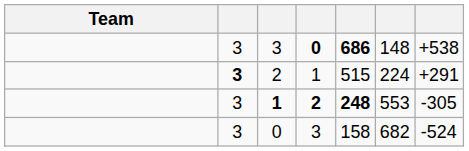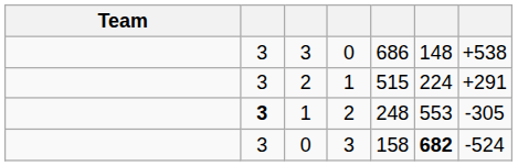 <table class="wikitable" style="text-align: center; font-size: 90%;">
 <tr>
 <th width=165>Team</th>
 <th width=25></th>
 <th width=25></th>
 <th width=25></th>
 <th width=25></th>
 <th width=25></th>
 <th width=25></th>
 </tr>
 <tr>
 <td style="text-align:left;"></td>
 <td>3</td>
 <td>3</td>
-<td><strong>0</strong></td>
-<td><strong>686</strong></td>
+<td>0</td>
+<td>686</td>
 <td>148</td>
 <td>+538</td>
 </tr>
 <tr>
 <td style="text-align:left;"></td>
-<td><strong>3</strong></td>
+<td>3</td>
 <td>2</td>
 <td>1</td>
 <td>515</td>
 <td>224</td>
 <td>+291</td>
 </tr>
 <tr>
 <td style="text-align:left;"></td>
-<td>3</td>
-<td><strong>1</strong></td>
-<td><strong>2</strong></td>
-<td><strong>248</strong></td>
+<td><strong>3</strong></td>
+<td>1</td>
+<td>2</td>
+<td>248</td>
 <td>553</td>
 <td>-305</td>
 </tr>
 <tr>
 <td style="text-align:left;"></td>
 <td>3</td>
 <td>0</td>
 <td>3</td>
 <td>158</td>
-<td>682</td>
+<td><strong>682</strong></td>
 <td>-524</td>
 </tr>
 </table>
